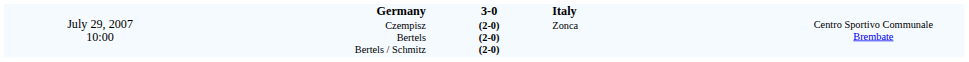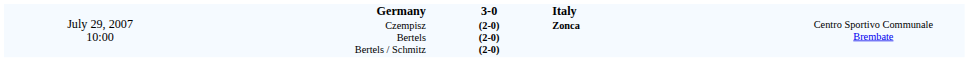 <table style="width: 100%; background:#F5FAFF;" cellspacing="0">
 <tr>
 <td align=center rowspan=3 width=20%>July 29, 2007<br>10:00</td>
 </tr>
 <tr>
 <td width=24% align=right><strong>Germany</strong></td>
 <td align=center width=13%><strong>3-0</strong></td>
 <td width=24%><strong>Italy</strong></td>
 <td style=font-size:85% rowspan=3 valign=middle align=center>Centro Sportivo Communale<br><a href='#'>Brembate</a></td>
 </tr>
 <tr style=font-size:85%>
 <td align=right valign=top>Czempisz<br>Bertels<br>Bertels / Schmitz</td>
 <td align=center><strong>(2-0)<br>(2-0)<br>(2-0)</strong></td>
-<td valign=top>Zonca<br></td>
+<td valign=top><strong>Zonca<br></strong></td>
 </tr>
 </table>
